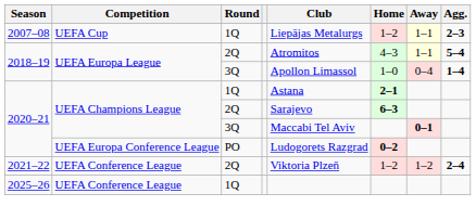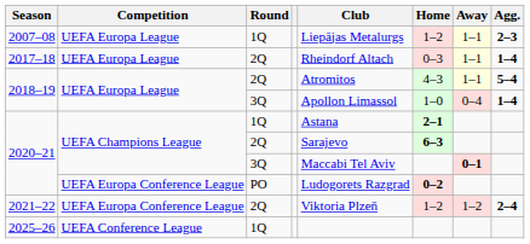 <table class="wikitable">
 <tr>
 <th>Season</th>
 <th>Competition</th>
 <th>Round</th>
 <th></th>
 <th>Club</th>
 <th>Home</th>
 <th>Away</th>
 <th>Agg.</th>
 </tr>
 <tr>
 <td><a href='#'>2007–08</a></td>
-<td><a href='#'>UEFA Cup</a></td>
+<td><a href='#'>UEFA Europa League</a></td>
 <td>1Q</td>
 <td></td>
 <td><a href='#'>Liepājas Metalurgs</a></td>
 <td style="text-align:center; background:#fdd;">1–2</td>
 <td style="text-align:center; background:#ffd;">1–1</td>
 <td style="text-align:center;"><strong>2–3</strong></td>
+</tr>
+<tr>
+<td><a href='#'>2017–18</a></td>
+<td><a href='#'>UEFA Europa League</a></td>
+<td>2Q</td>
+<td></td>
+<td><a href='#'>Rheindorf Altach</a></td>
+<td style="text-align:center; background:#fdd;">0–3</td>
+<td style="text-align:center; background:#ffd;">1–1</td>
+<td style="text-align:center;"><strong>1–4</strong></td>
 </tr>
 <tr>
 <td rowspan="2"><a href='#'>2018–19</a></td>
 <td rowspan="2"><a href='#'>UEFA Europa League</a></td>
 <td>2Q</td>
 <td></td>
 <td><a href='#'>Atromitos</a></td>
 <td style="text-align:center; background:#dfd;">4–3</td>
 <td style="text-align:center; background:#ffd;">1–1</td>
 <td style="text-align:center;"><strong>5–4</strong></td>
 </tr>
 <tr>
 <td>3Q</td>
 <td></td>
 <td><a href='#'>Apollon Limassol</a></td>
 <td style="text-align:center; background:#dfd;">1–0</td>
 <td style="text-align:center; background:#fdd;">0–4</td>
 <td style="text-align:center;"><strong>1–4</strong></td>
 </tr>
 <tr>
 <td rowspan="4"><a href='#'>2020–21</a></td>
 <td rowspan="3"><a href='#'>UEFA Champions League</a></td>
 <td>1Q</td>
 <td></td>
 <td><a href='#'>Astana</a></td>
 <td style="text-align:center; background:#dfd;"><strong>2–1</strong></td>
 <td></td>
 <td></td>
 </tr>
 <tr>
 <td>2Q</td>
 <td></td>
 <td><a href='#'>Sarajevo</a></td>
 <td style="text-align:center; background:#dfd;"><strong>6–3</strong></td>
 <td></td>
 <td></td>
 </tr>
 <tr>
 <td>3Q</td>
 <td></td>
 <td><a href='#'>Maccabi Tel Aviv</a></td>
 <td></td>
 <td style="text-align:center; background:#fdd;"><strong>0–1</strong></td>
 <td></td>
 </tr>
 <tr>
 <td rowspan="1"><a href='#'>UEFA Europa Conference League</a></td>
 <td>PO</td>
 <td></td>
 <td><a href='#'>Ludogorets Razgrad</a></td>
 <td style="text-align:center; background:#fdd;"><strong>0–2</strong></td>
 <td></td>
 <td></td>
 </tr>
 <tr>
 <td rowspan="1"><a href='#'>2021–22</a></td>
-<td><a href='#'>UEFA Conference League</a></td>
+<td rowspan="1"><a href='#'>UEFA Europa Conference League</a></td>
 <td>2Q</td>
 <td></td>
 <td><a href='#'>Viktoria Plzeň</a></td>
 <td style="text-align:center; background:#fdd;">1–2</td>
 <td style="text-align:center; background:#fdd;">1–2</td>
 <td style="text-align:center;"><strong>2–4</strong></td>
 </tr>
 <tr>
 <td><a href='#'>2025–26</a></td>
 <td><a href='#'>UEFA Conference League</a></td>
 <td>1Q</td>
 <td></td>
 <td></td>
 <td style="text-align:center;"></td>
 <td style="text-align:center;"></td>
 <td style="text-align:center;"></td>
 </tr>
 </table>
